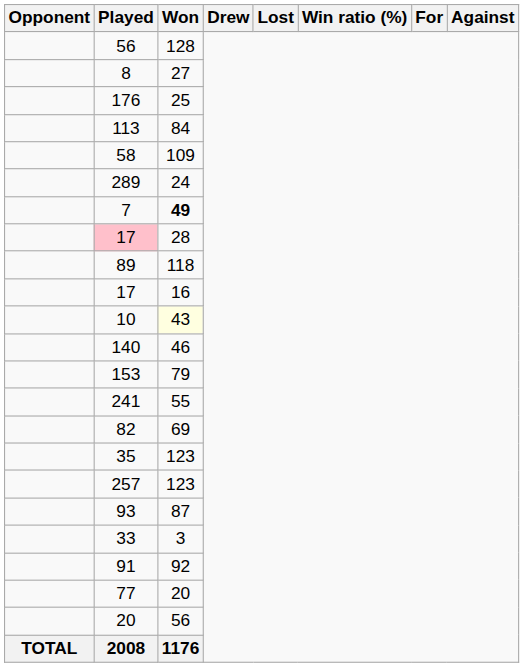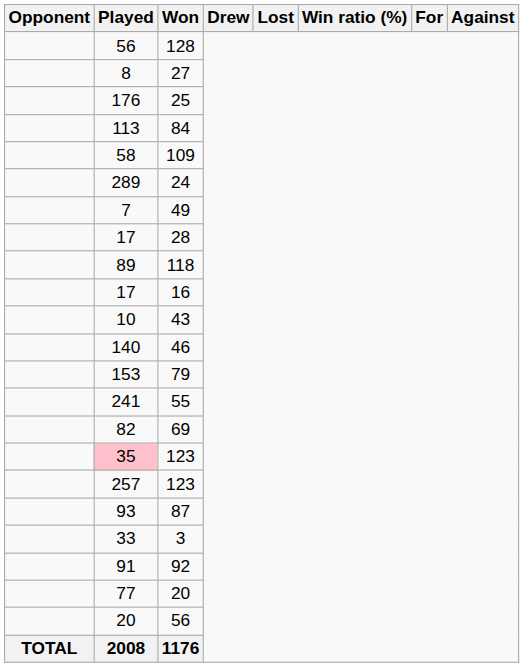 <table class="wikitable sortable">
 <tr>
 <th>Opponent</th>
 <th>Played</th>
 <th>Won</th>
 <th>Drew</th>
 <th>Lost</th>
 <th>Win ratio (%)</th>
 <th>For</th>
 <th>Against</th>
 </tr>
 <tr align=center>
 <td align=left><br></td>
 <td>56</td>
 <td>128</td>
 </tr>
 <tr align=center>
 <td align=left><br></td>
 <td>8</td>
 <td>27</td>
 </tr>
 <tr align=center>
 <td align=left><br></td>
 <td>176</td>
 <td>25</td>
 </tr>
 <tr align=center>
 <td align=left><br></td>
 <td>113</td>
 <td>84</td>
 </tr>
 <tr align=center>
 <td align=left><br></td>
 <td>58</td>
 <td>109</td>
 </tr>
 <tr align=center>
 <td align=left><br></td>
 <td>289</td>
 <td>24</td>
 </tr>
 <tr align=center>
 <td align=left><br></td>
 <td>7</td>
-<td><strong>49</strong></td>
+<td>49</td>
 </tr>
 <tr align=center>
 <td align=left><br></td>
-<td style="background: pink;">17</td>
+<td>17</td>
 <td>28</td>
 </tr>
 <tr align=center>
 <td align=left><br></td>
 <td>89</td>
 <td>118</td>
 </tr>
 <tr align=center>
 <td align=left><br></td>
 <td>17</td>
 <td>16</td>
 </tr>
 <tr align=center>
 <td align=left><br></td>
 <td>10</td>
-<td style="background: lightyellow;">43</td>
+<td>43</td>
 </tr>
 <tr align=center>
 <td align=left><br></td>
 <td>140</td>
 <td>46</td>
 </tr>
 <tr align=center>
 <td align=left><br></td>
 <td>153</td>
 <td>79</td>
 </tr>
 <tr align=center>
 <td align=left><br></td>
 <td>241</td>
 <td>55</td>
 </tr>
 <tr align=center>
 <td align=left><br></td>
 <td>82</td>
 <td>69</td>
 </tr>
 <tr align=center>
 <td align=left><br></td>
-<td>35</td>
+<td style="background: pink;">35</td>
 <td>123</td>
 </tr>
 <tr align=center>
 <td align=left><br></td>
 <td>257</td>
 <td>123</td>
 </tr>
 <tr align=center>
 <td align=left><br></td>
 <td>93</td>
 <td>87</td>
 </tr>
 <tr align=center>
 <td align=left><br></td>
 <td>33</td>
 <td>3</td>
 </tr>
 <tr align=center>
 <td align=left><br></td>
 <td>91</td>
 <td>92</td>
 </tr>
 <tr align=center>
 <td align=left><br></td>
 <td>77</td>
 <td>20</td>
 </tr>
 <tr align=center>
 <td align=left><br></td>
 <td>20</td>
 <td>56</td>
 </tr>
 <tr align=center>
 <th>TOTAL<br></th>
 <th>2008</th>
 <th>1176</th>
 </tr>
 </table>
